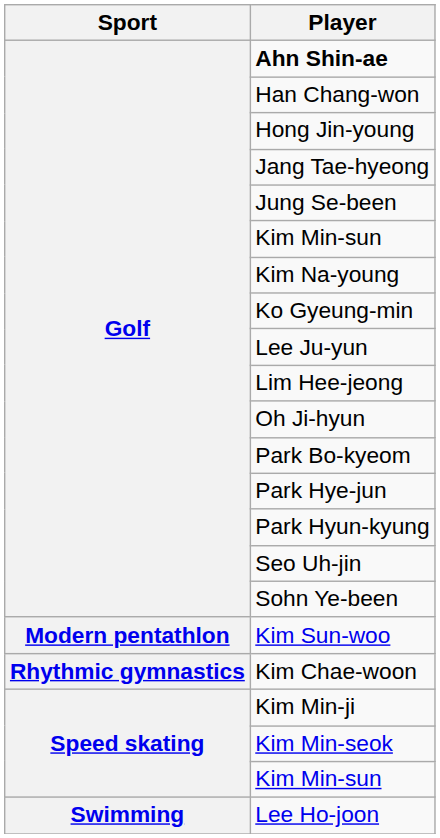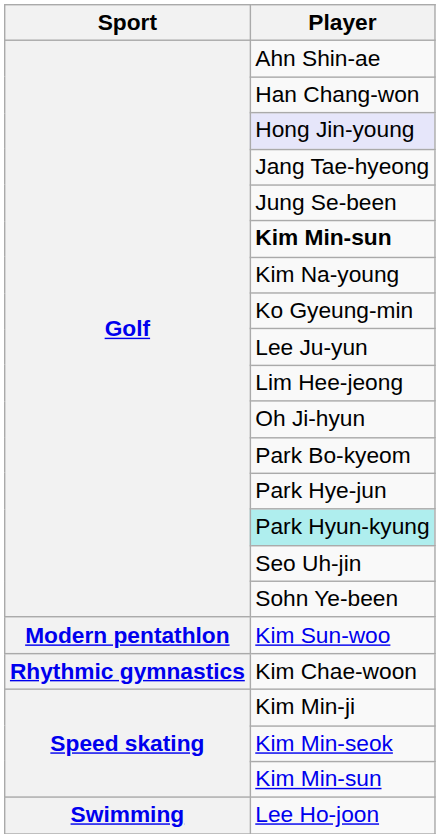 <table class="wikitable plainrowheaders sortable">
 <tr>
 <th scope="col">Sport</th>
 <th scope="col">Player</th>
 </tr>
 <tr>
 <th rowspan="16" scope="row"> <a href='#'>Golf</a></th>
-<td><strong>Ahn Shin-ae</strong></td>
+<td>Ahn Shin-ae</td>
 </tr>
 <tr>
 <td>Han Chang-won</td>
 </tr>
 <tr>
-<td>Hong Jin-young</td>
+<td style="background: lavender;">Hong Jin-young</td>
 </tr>
 <tr>
 <td>Jang Tae-hyeong</td>
 </tr>
 <tr>
 <td>Jung Se-been</td>
 </tr>
 <tr>
-<td>Kim Min-sun</td>
+<td><strong>Kim Min-sun</strong></td>
 </tr>
 <tr>
 <td>Kim Na-young</td>
 </tr>
 <tr>
 <td>Ko Gyeung-min</td>
 </tr>
 <tr>
 <td>Lee Ju-yun</td>
 </tr>
 <tr>
 <td>Lim Hee-jeong</td>
 </tr>
 <tr>
 <td>Oh Ji-hyun</td>
 </tr>
 <tr>
 <td>Park Bo-kyeom</td>
 </tr>
 <tr>
 <td>Park Hye-jun</td>
 </tr>
 <tr>
-<td>Park Hyun-kyung</td>
+<td style="background: paleturquoise;">Park Hyun-kyung</td>
 </tr>
 <tr>
 <td>Seo Uh-jin</td>
 </tr>
 <tr>
 <td>Sohn Ye-been</td>
 </tr>
 <tr>
 <th scope="row"> <a href='#'>Modern pentathlon</a></th>
 <td><a href='#'>Kim Sun-woo</a></td>
 </tr>
 <tr>
 <th scope="row"> <a href='#'>Rhythmic gymnastics</a></th>
 <td>Kim Chae-woon</td>
 </tr>
 <tr>
 <th scope="row" rowspan="3"> <a href='#'>Speed skating</a></th>
 <td>Kim Min-ji</td>
 </tr>
 <tr>
 <td><a href='#'>Kim Min-seok</a></td>
 </tr>
 <tr>
 <td><a href='#'>Kim Min-sun</a></td>
 </tr>
 <tr>
 <th scope="row"> <a href='#'>Swimming</a></th>
 <td><a href='#'>Lee Ho-joon</a></td>
 </tr>
 </table>
